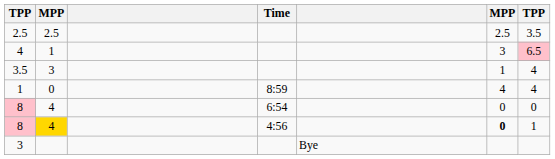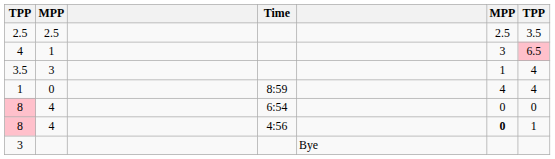 <table class="wikitable" style="text-align: center;" |>
 <tr>
 <th width="35">TPP</th>
 <th width="35">MPP</th>
 <th width="250"></th>
 <th width="45">Time</th>
 <th width="250"></th>
 <th width="35">MPP</th>
 <th width="35">TPP</th>
 </tr>
 <tr>
 <td>2.5</td>
 <td>2.5</td>
 <td style="text-align:left;"></td>
 <td></td>
 <td style="text-align:left;"></td>
 <td>2.5</td>
 <td>3.5</td>
 </tr>
 <tr>
 <td>4</td>
 <td>1</td>
 <td style="text-align:left;"><strong></strong></td>
 <td></td>
 <td style="text-align:left;"></td>
 <td>3</td>
 <td bgcolor=pink>6.5</td>
 </tr>
 <tr>
 <td>3.5</td>
 <td>3</td>
 <td style="text-align:left;"></td>
 <td></td>
 <td style="text-align:left;"><strong></strong></td>
 <td>1</td>
 <td>4</td>
 </tr>
 <tr>
 <td>1</td>
 <td>0</td>
 <td style="text-align:left;"><strong></strong></td>
 <td>8:59</td>
 <td style="text-align:left;"></td>
 <td>4</td>
 <td>4</td>
 </tr>
 <tr>
 <td bgcolor=pink>8</td>
 <td>4</td>
 <td style="text-align:left;"></td>
 <td>6:54</td>
 <td style="text-align:left;"><strong></strong></td>
 <td>0</td>
 <td>0</td>
 </tr>
 <tr>
 <td bgcolor=pink>8</td>
-<td style="background: gold;">4</td>
+<td>4</td>
 <td style="text-align:left;"></td>
 <td>4:56</td>
 <td style="text-align:left;"><strong></strong></td>
 <td><strong>0</strong></td>
 <td>1</td>
 </tr>
 <tr>
 <td>3</td>
 <td></td>
 <td style="text-align:left;"><strong></strong></td>
 <td></td>
 <td style="text-align:left;">Bye</td>
 <td></td>
 <td></td>
 </tr>
 </table>
